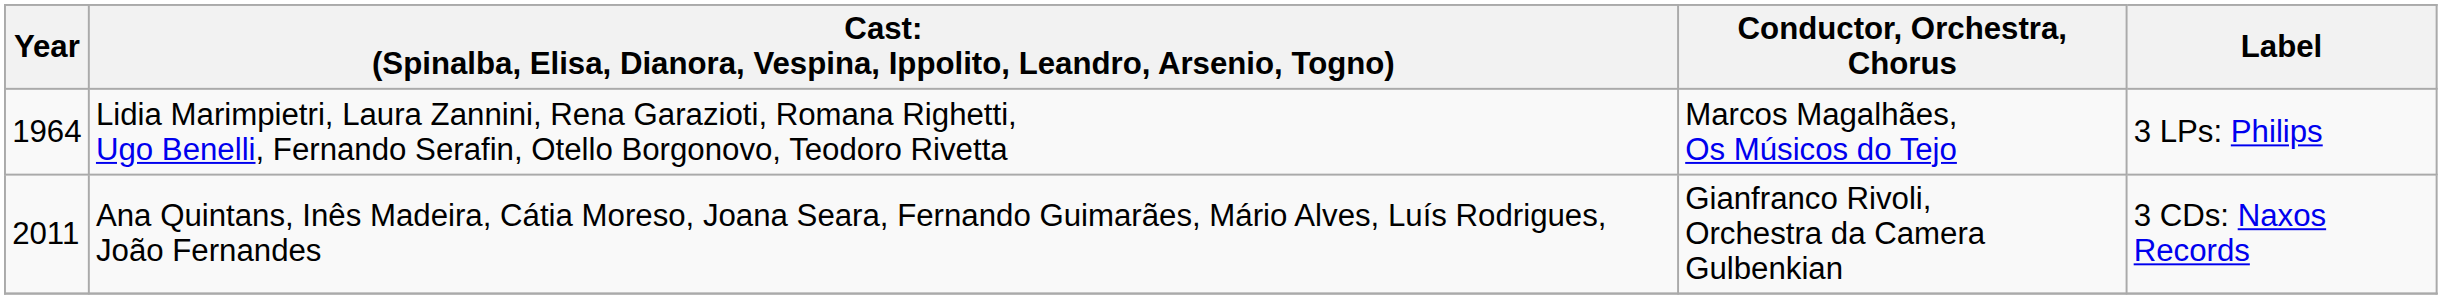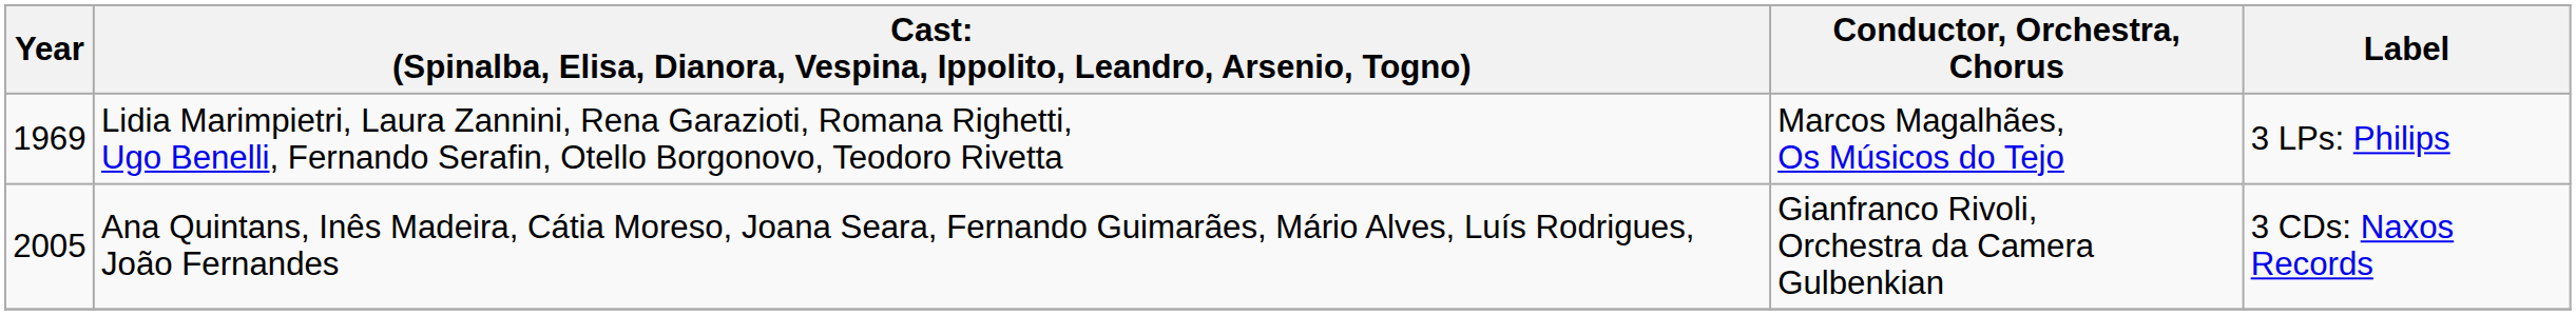 <table class="wikitable">
 <tr>
 <th>Year</th>
 <th>Cast:<br>(Spinalba, Elisa, Dianora, Vespina, Ippolito, Leandro, Arsenio, Togno)</th>
 <th>Conductor, Orchestra, Chorus</th>
 <th>Label</th>
 </tr>
 <tr>
-<td>1964</td>
+<td>1969</td>
 <td>Lidia Marimpietri, Laura Zannini, Rena Garazioti, Romana Righetti,<br><a href='#'>Ugo Benelli</a>, Fernando Serafin, Otello Borgonovo, Teodoro Rivetta</td>
 <td>Marcos Magalhães,<br><a href='#'>Os Músicos do Tejo</a></td>
 <td>3 LPs: <a href='#'>Philips</a></td>
 </tr>
 <tr>
-<td>2011</td>
+<td>2005</td>
 <td>Ana Quintans, Inês Madeira, Cátia Moreso, Joana Seara, Fernando Guimarães, Mário Alves, Luís Rodrigues, João Fernandes</td>
 <td>Gianfranco Rivoli,<br>Orchestra da Camera Gulbenkian</td>
 <td>3 CDs: <a href='#'>Naxos Records</a></td>
 </tr>
 <tr>
 </tr>
 </table>
